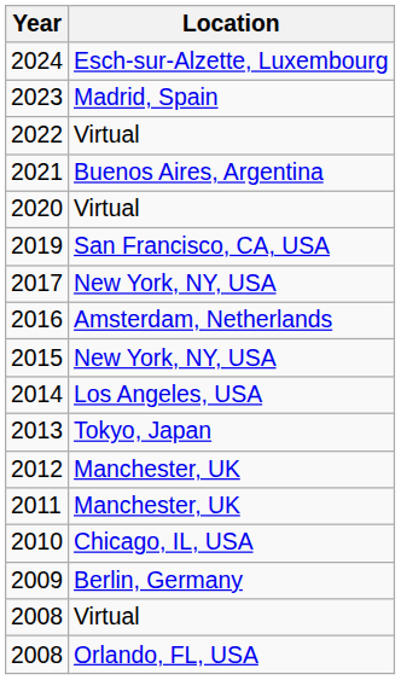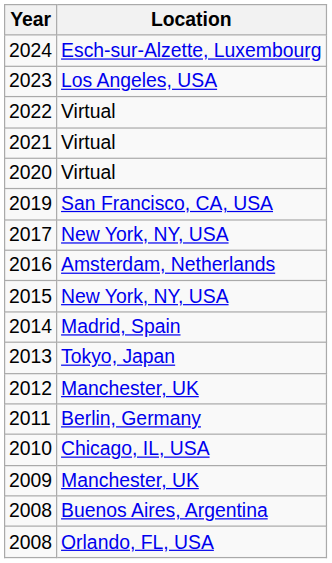 <table class="wikitable">
 <tr>
 <th>Year</th>
 <th>Location</th>
 </tr>
 <tr>
 <td>2024</td>
 <td><a href='#'>Esch-sur-Alzette, Luxembourg</a></td>
 </tr>
 <tr>
 <td>2023</td>
-<td><a href='#'>Madrid, Spain</a></td>
+<td><a href='#'>Los Angeles, USA</a></td>
 </tr>
 <tr>
 <td>2022</td>
 <td>Virtual</td>
 </tr>
 <tr>
 <td>2021</td>
-<td><a href='#'>Buenos Aires, Argentina</a></td>
+<td>Virtual</td>
 </tr>
 <tr>
 <td>2020</td>
 <td>Virtual</td>
 </tr>
 <tr>
 <td>2019</td>
 <td><a href='#'>San Francisco, CA, USA</a></td>
 </tr>
 <tr>
 <td>2017</td>
 <td><a href='#'>New York, NY, USA</a></td>
 </tr>
 <tr>
 <td>2016</td>
 <td><a href='#'>Amsterdam, Netherlands</a></td>
 </tr>
 <tr>
 <td>2015</td>
 <td><a href='#'>New York, NY, USA</a></td>
 </tr>
 <tr>
 <td>2014</td>
-<td><a href='#'>Los Angeles, USA</a></td>
+<td><a href='#'>Madrid, Spain</a></td>
 </tr>
 <tr>
 <td>2013</td>
 <td><a href='#'>Tokyo, Japan</a></td>
 </tr>
 <tr>
 <td>2012</td>
 <td><a href='#'>Manchester, UK</a></td>
 </tr>
 <tr>
 <td>2011</td>
-<td><a href='#'>Manchester, UK</a></td>
+<td><a href='#'>Berlin, Germany</a></td>
 </tr>
 <tr>
 <td>2010</td>
 <td><a href='#'>Chicago, IL, USA</a></td>
 </tr>
 <tr>
 <td>2009</td>
-<td><a href='#'>Berlin, Germany</a></td>
+<td><a href='#'>Manchester, UK</a></td>
 </tr>
 <tr>
 <td>2008</td>
-<td>Virtual</td>
+<td><a href='#'>Buenos Aires, Argentina</a></td>
 </tr>
 <tr>
 <td>2008</td>
 <td><a href='#'>Orlando, FL, USA</a></td>
 </tr>
 </table>
